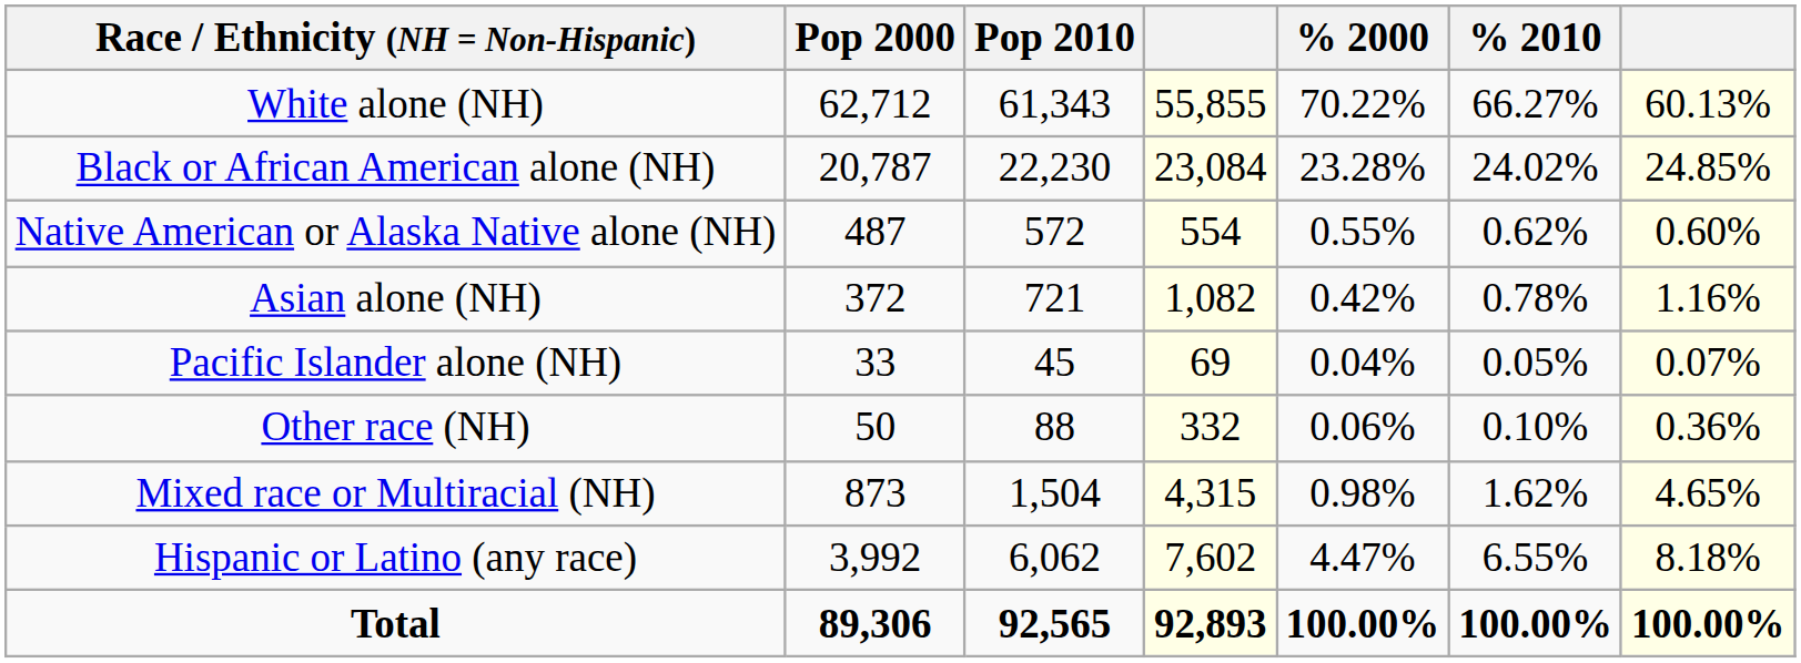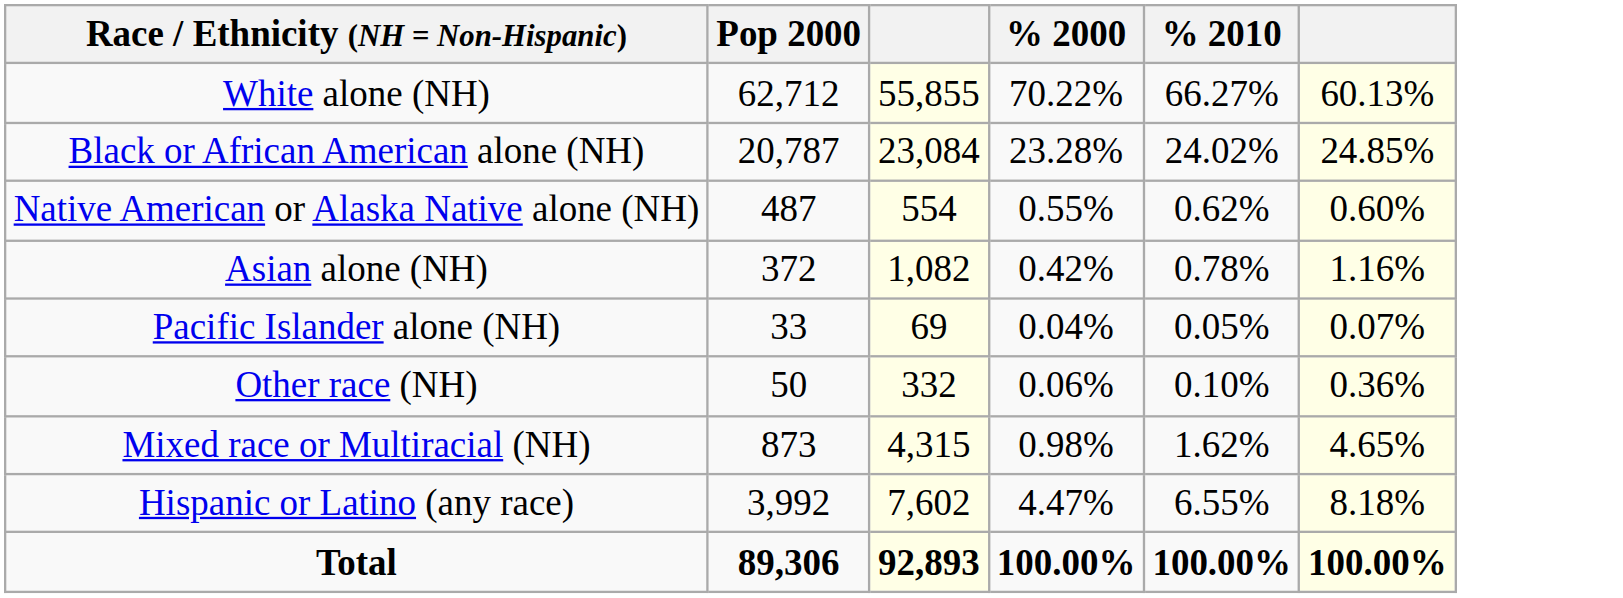 <table class="wikitable" style="text-align:center;">
 <tr>
 <th>Race / Ethnicity <small>(<em>NH = Non-Hispanic</em>)</small></th>
 <th>Pop 2000</th>
-<th>Pop 2010</th>
 <th></th>
 <th>% 2000</th>
 <th>% 2010</th>
 <th></th>
 </tr>
 <tr>
 <td><a href='#'>White</a> alone (NH)</td>
 <td>62,712</td>
-<td>61,343</td>
 <td style='background: #ffffe6;'>55,855</td>
 <td>70.22%</td>
 <td>66.27%</td>
 <td style='background: #ffffe6;'>60.13%</td>
 </tr>
 <tr>
 <td><a href='#'>Black or African American</a> alone (NH)</td>
 <td>20,787</td>
-<td>22,230</td>
 <td style='background: #ffffe6;'>23,084</td>
 <td>23.28%</td>
 <td>24.02%</td>
 <td style='background: #ffffe6;'>24.85%</td>
 </tr>
 <tr>
 <td><a href='#'>Native American</a> or <a href='#'>Alaska Native</a> alone (NH)</td>
 <td>487</td>
-<td>572</td>
 <td style='background: #ffffe6;'>554</td>
 <td>0.55%</td>
 <td>0.62%</td>
 <td style='background: #ffffe6;'>0.60%</td>
 </tr>
 <tr>
 <td><a href='#'>Asian</a> alone (NH)</td>
 <td>372</td>
-<td>721</td>
 <td style='background: #ffffe6;'>1,082</td>
 <td>0.42%</td>
 <td>0.78%</td>
 <td style='background: #ffffe6;'>1.16%</td>
 </tr>
 <tr>
 <td><a href='#'>Pacific Islander</a> alone (NH)</td>
 <td>33</td>
-<td>45</td>
 <td style='background: #ffffe6;'>69</td>
 <td>0.04%</td>
 <td>0.05%</td>
 <td style='background: #ffffe6;'>0.07%</td>
 </tr>
 <tr>
 <td><a href='#'>Other race</a> (NH)</td>
 <td>50</td>
-<td>88</td>
 <td style='background: #ffffe6;'>332</td>
 <td>0.06%</td>
 <td>0.10%</td>
 <td style='background: #ffffe6;'>0.36%</td>
 </tr>
 <tr>
 <td><a href='#'>Mixed race or Multiracial</a> (NH)</td>
 <td>873</td>
-<td>1,504</td>
 <td style='background: #ffffe6;'>4,315</td>
 <td>0.98%</td>
 <td>1.62%</td>
 <td style='background: #ffffe6;'>4.65%</td>
 </tr>
 <tr>
 <td><a href='#'>Hispanic or Latino</a> (any race)</td>
 <td>3,992</td>
-<td>6,062</td>
 <td style='background: #ffffe6;'>7,602</td>
 <td>4.47%</td>
 <td>6.55%</td>
 <td style='background: #ffffe6;'>8.18%</td>
 </tr>
 <tr>
 <td><strong>Total</strong></td>
 <td><strong>89,306</strong></td>
-<td><strong>92,565</strong></td>
 <td style='background: #ffffe6;'><strong>92,893</strong></td>
 <td><strong>100.00%</strong></td>
 <td><strong>100.00%</strong></td>
 <td style='background: #ffffe6;'><strong>100.00%</strong></td>
 </tr>
 </table>
